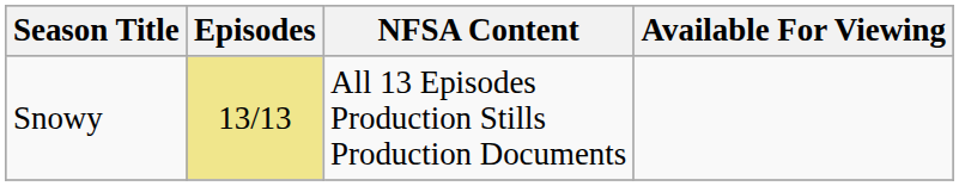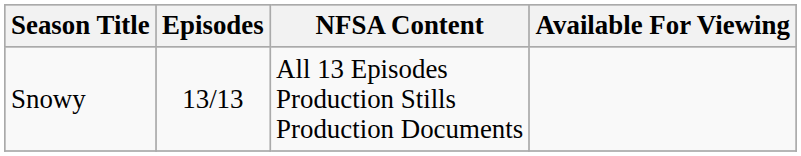 <table class="wikitable">
 <tr>
 <th>Season Title</th>
 <th>Episodes</th>
 <th>NFSA Content</th>
 <th>Available For Viewing</th>
 </tr>
 <tr>
 <td>Snowy</td>
-<td style="background: khaki; text-align:center;">13/13</td>
+<td style="text-align:center;">13/13</td>
 <td>All 13 Episodes<br>Production Stills<br>Production Documents</td>
 <td></td>
 </tr>
 </table>
